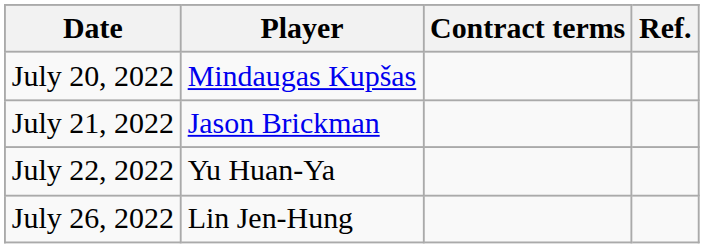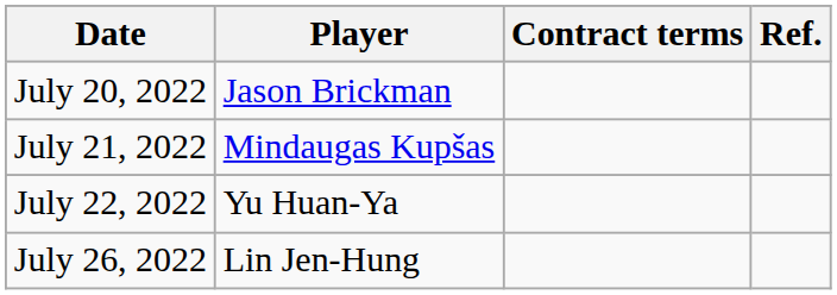 <table class="wikitable">
 <tr>
 <th>Date</th>
 <th>Player</th>
 <th>Contract terms</th>
 <th>Ref.</th>
 </tr>
 <tr>
 <td>July 20, 2022</td>
-<td><a href='#'>Mindaugas Kupšas</a></td>
+<td><a href='#'>Jason Brickman</a></td>
 <td></td>
 <td></td>
 </tr>
 <tr>
 <td>July 21, 2022</td>
-<td><a href='#'>Jason Brickman</a></td>
+<td><a href='#'>Mindaugas Kupšas</a></td>
 <td></td>
 <td></td>
 </tr>
 <tr>
 <td>July 22, 2022</td>
 <td>Yu Huan-Ya</td>
 <td></td>
 <td></td>
 </tr>
 <tr>
 <td>July 26, 2022</td>
 <td>Lin Jen-Hung</td>
 <td></td>
 <td></td>
 </tr>
 </table>
